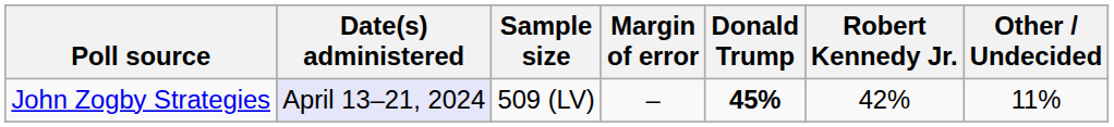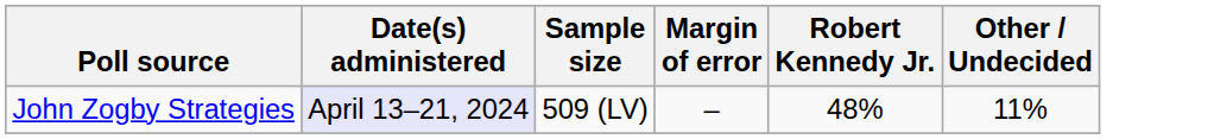 <table class="wikitable sortable mw-datatable" style="font-size:90%;text-align:center;line-height:17px">
 <tr valign=bottom>
 <th>Poll source</th>
 <th>Date(s)<br>administered</th>
 <th>Sample<br>size</th>
 <th>Margin<br>of error</th>
-<th class="unsortable">Donald<br>Trump<br></th>
 <th class="unsortable">Robert<br>Kennedy Jr.<br></th>
 <th class="unsortable">Other /<br>Undecided</th>
 </tr>
 <tr>
 <td style="text-align:left;"><a href='#'>John Zogby Strategies</a></td>
 <td data-sort-value="2024-05-01" style="background: lavender;">April 13–21, 2024</td>
 <td>509 (LV)</td>
 <td>–</td>
-<td style="background-color:"><strong>45%</strong></td>
-<td>42%</td>
+<td>48%</td>
 <td>11%</td>
 </tr>
 </table>
